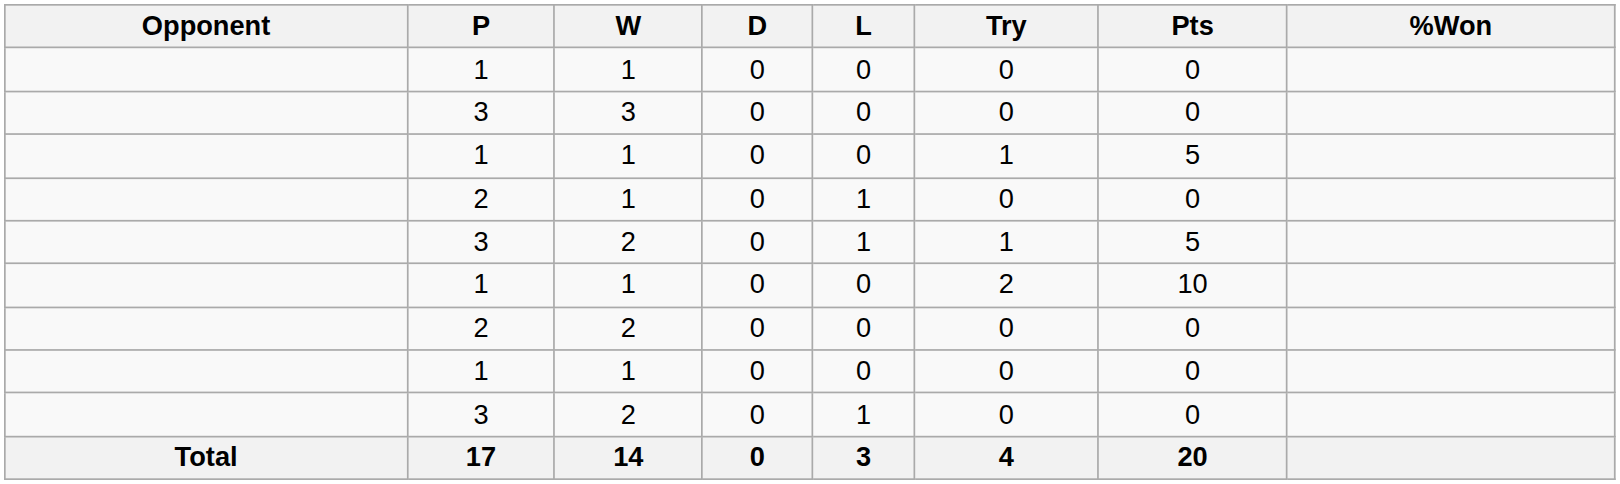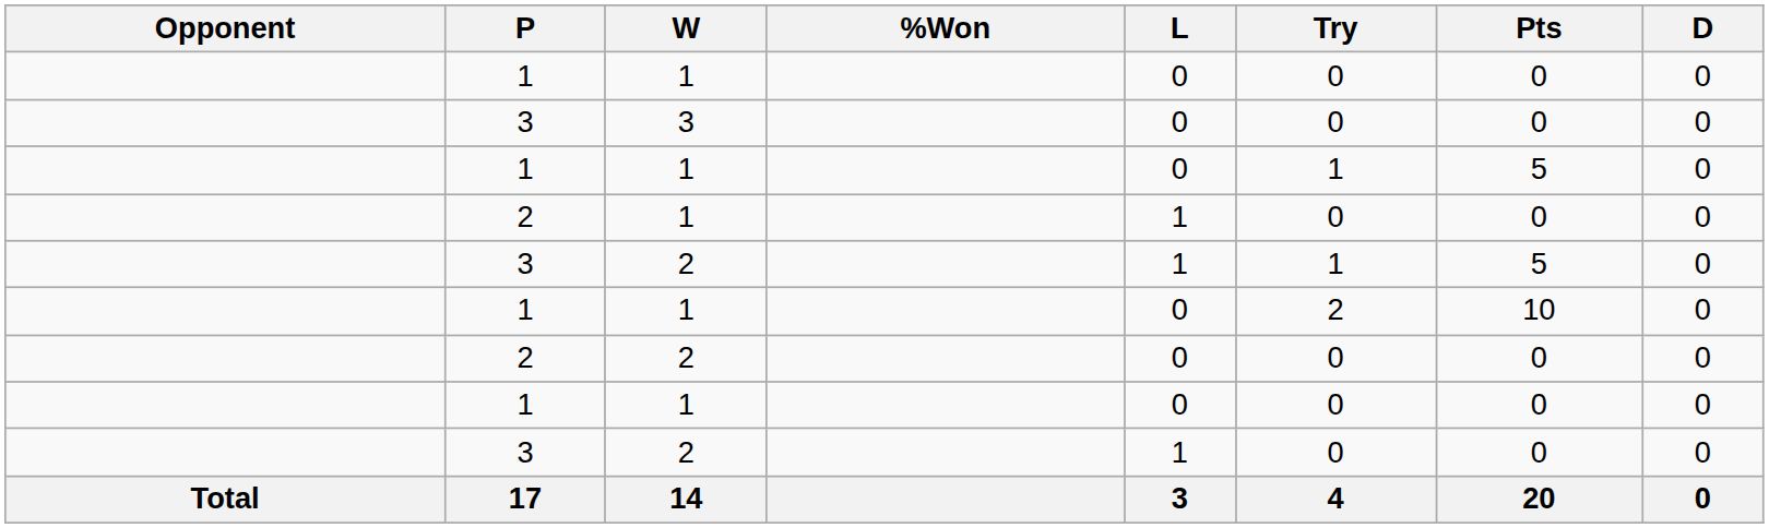 <table class="wikitable sortable" style="text-align:center;width:75%">
 <tr>
 <th style="width:25%;">Opponent</th>
 <th abbr="Played" style="width:15px;">P</th>
 <th abbr="Won" style="width:10px;">W</th>
-<th abbr="Drawn" style="width:10px;">D</th>
+<th abbr="Won" style="width:15px;">%Won</th>
 <th abbr="Lost" style="width:10px;">L</th>
 <th abbr="Tries" style="width:15px;">Try</th>
 <th abbr="Points" style="width:18px;">Pts</th>
-<th abbr="Won" style="width:15px;">%Won</th>
+<th abbr="Drawn" style="width:10px;">D</th>
 </tr>
 <tr>
 <td align="left"></td>
 <td>1</td>
 <td>1</td>
+<td></td>
 <td>0</td>
 <td>0</td>
 <td>0</td>
 <td>0</td>
-<td></td>
 </tr>
 <tr>
 <td align="left"></td>
 <td>3</td>
 <td>3</td>
+<td></td>
 <td>0</td>
 <td>0</td>
 <td>0</td>
 <td>0</td>
-<td></td>
 </tr>
 <tr>
 <td align="left"></td>
 <td>1</td>
 <td>1</td>
-<td>0</td>
+<td></td>
 <td>0</td>
 <td>1</td>
 <td>5</td>
-<td></td>
+<td>0</td>
 </tr>
 <tr>
 <td align="left"></td>
 <td>2</td>
 <td>1</td>
-<td>0</td>
+<td></td>
 <td>1</td>
 <td>0</td>
 <td>0</td>
-<td></td>
+<td>0</td>
 </tr>
 <tr>
 <td align="left"></td>
 <td>3</td>
 <td>2</td>
-<td>0</td>
+<td></td>
 <td>1</td>
 <td>1</td>
 <td>5</td>
-<td></td>
+<td>0</td>
 </tr>
 <tr>
 <td align="left"></td>
 <td>1</td>
 <td>1</td>
-<td>0</td>
+<td></td>
 <td>0</td>
 <td>2</td>
 <td>10</td>
-<td></td>
+<td>0</td>
 </tr>
 <tr>
 <td align="left"></td>
 <td>2</td>
 <td>2</td>
+<td></td>
 <td>0</td>
 <td>0</td>
 <td>0</td>
 <td>0</td>
-<td></td>
 </tr>
 <tr>
 <td align="left"></td>
 <td>1</td>
 <td>1</td>
+<td></td>
 <td>0</td>
 <td>0</td>
 <td>0</td>
 <td>0</td>
-<td></td>
 </tr>
 <tr>
 <td align="left"></td>
 <td>3</td>
 <td>2</td>
-<td>0</td>
+<td></td>
 <td>1</td>
 <td>0</td>
 <td>0</td>
-<td></td>
+<td>0</td>
 </tr>
 <tr>
 <th>Total</th>
 <th>17</th>
 <th>14</th>
-<th>0</th>
+<th></th>
 <th>3</th>
 <th>4</th>
 <th>20</th>
-<th></th>
+<th>0</th>
 </tr>
 </table>
